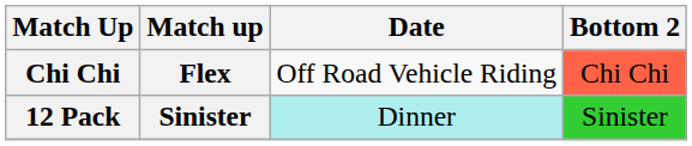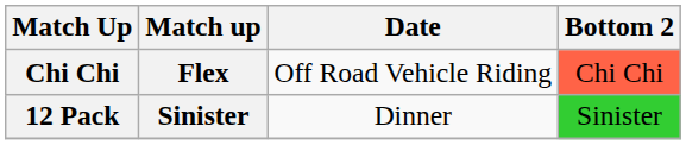 <table class="wikitable" style="text-align:center">
 <tr>
 <th>Match Up</th>
 <th>Match up</th>
 <th>Date</th>
 <th>Bottom 2</th>
 </tr>
 <tr>
 <th>Chi Chi</th>
 <th>Flex</th>
 <td>Off Road Vehicle Riding</td>
 <td bgcolor="tomato">Chi Chi</td>
 </tr>
 <tr>
 <th>12 Pack</th>
 <th>Sinister</th>
-<td style="background: paleturquoise;">Dinner</td>
+<td>Dinner</td>
 <td bgcolor="limegreen">Sinister</td>
 </tr>
 <tr>
 </tr>
 </table>
